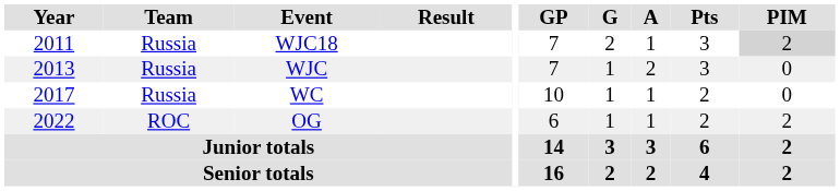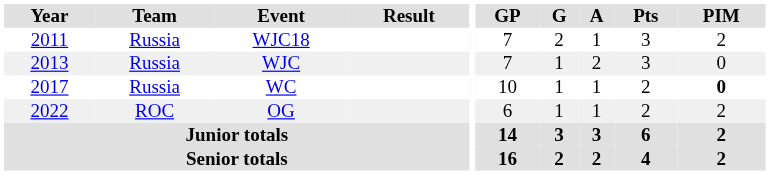 <table border="0" cellpadding="1" cellspacing="0" ID="Table3" style="text-align:center; width:40em">
 <tr ALIGN="center" bgcolor="#e0e0e0">
 <th>Year</th>
 <th>Team</th>
 <th>Event</th>
 <th>Result</th>
 <th rowspan="99" bgcolor="#ffffff"></th>
 <th>GP</th>
 <th>G</th>
 <th>A</th>
 <th>Pts</th>
 <th>PIM</th>
 </tr>
 <tr>
 <td><a href='#'>2011</a></td>
 <td><a href='#'>Russia</a></td>
 <td><a href='#'>WJC18</a></td>
 <td></td>
 <td>7</td>
 <td>2</td>
 <td>1</td>
 <td>3</td>
-<td style="background: lightgrey;">2</td>
+<td>2</td>
 </tr>
 <tr bgcolor="#f0f0f0">
 <td><a href='#'>2013</a></td>
 <td><a href='#'>Russia</a></td>
 <td><a href='#'>WJC</a></td>
 <td></td>
 <td>7</td>
 <td>1</td>
 <td>2</td>
 <td>3</td>
 <td>0</td>
 </tr>
 <tr>
 <td><a href='#'>2017</a></td>
 <td><a href='#'>Russia</a></td>
 <td><a href='#'>WC</a></td>
 <td></td>
 <td>10</td>
 <td>1</td>
 <td>1</td>
 <td>2</td>
-<td>0</td>
+<td><strong>0</strong></td>
 </tr>
 <tr bgcolor="#f0f0f0">
 <td><a href='#'>2022</a></td>
 <td><a href='#'>ROC</a></td>
 <td><a href='#'>OG</a></td>
 <td></td>
 <td>6</td>
 <td>1</td>
 <td>1</td>
 <td>2</td>
 <td>2</td>
 </tr>
 <tr bgcolor="#e0e0e0">
 <th colspan="4">Junior totals</th>
 <th>14</th>
 <th>3</th>
 <th>3</th>
 <th>6</th>
 <th>2</th>
 </tr>
 <tr bgcolor="#e0e0e0">
 <th colspan="4">Senior totals</th>
 <th>16</th>
 <th>2</th>
 <th>2</th>
 <th>4</th>
 <th>2</th>
 </tr>
 </table>
